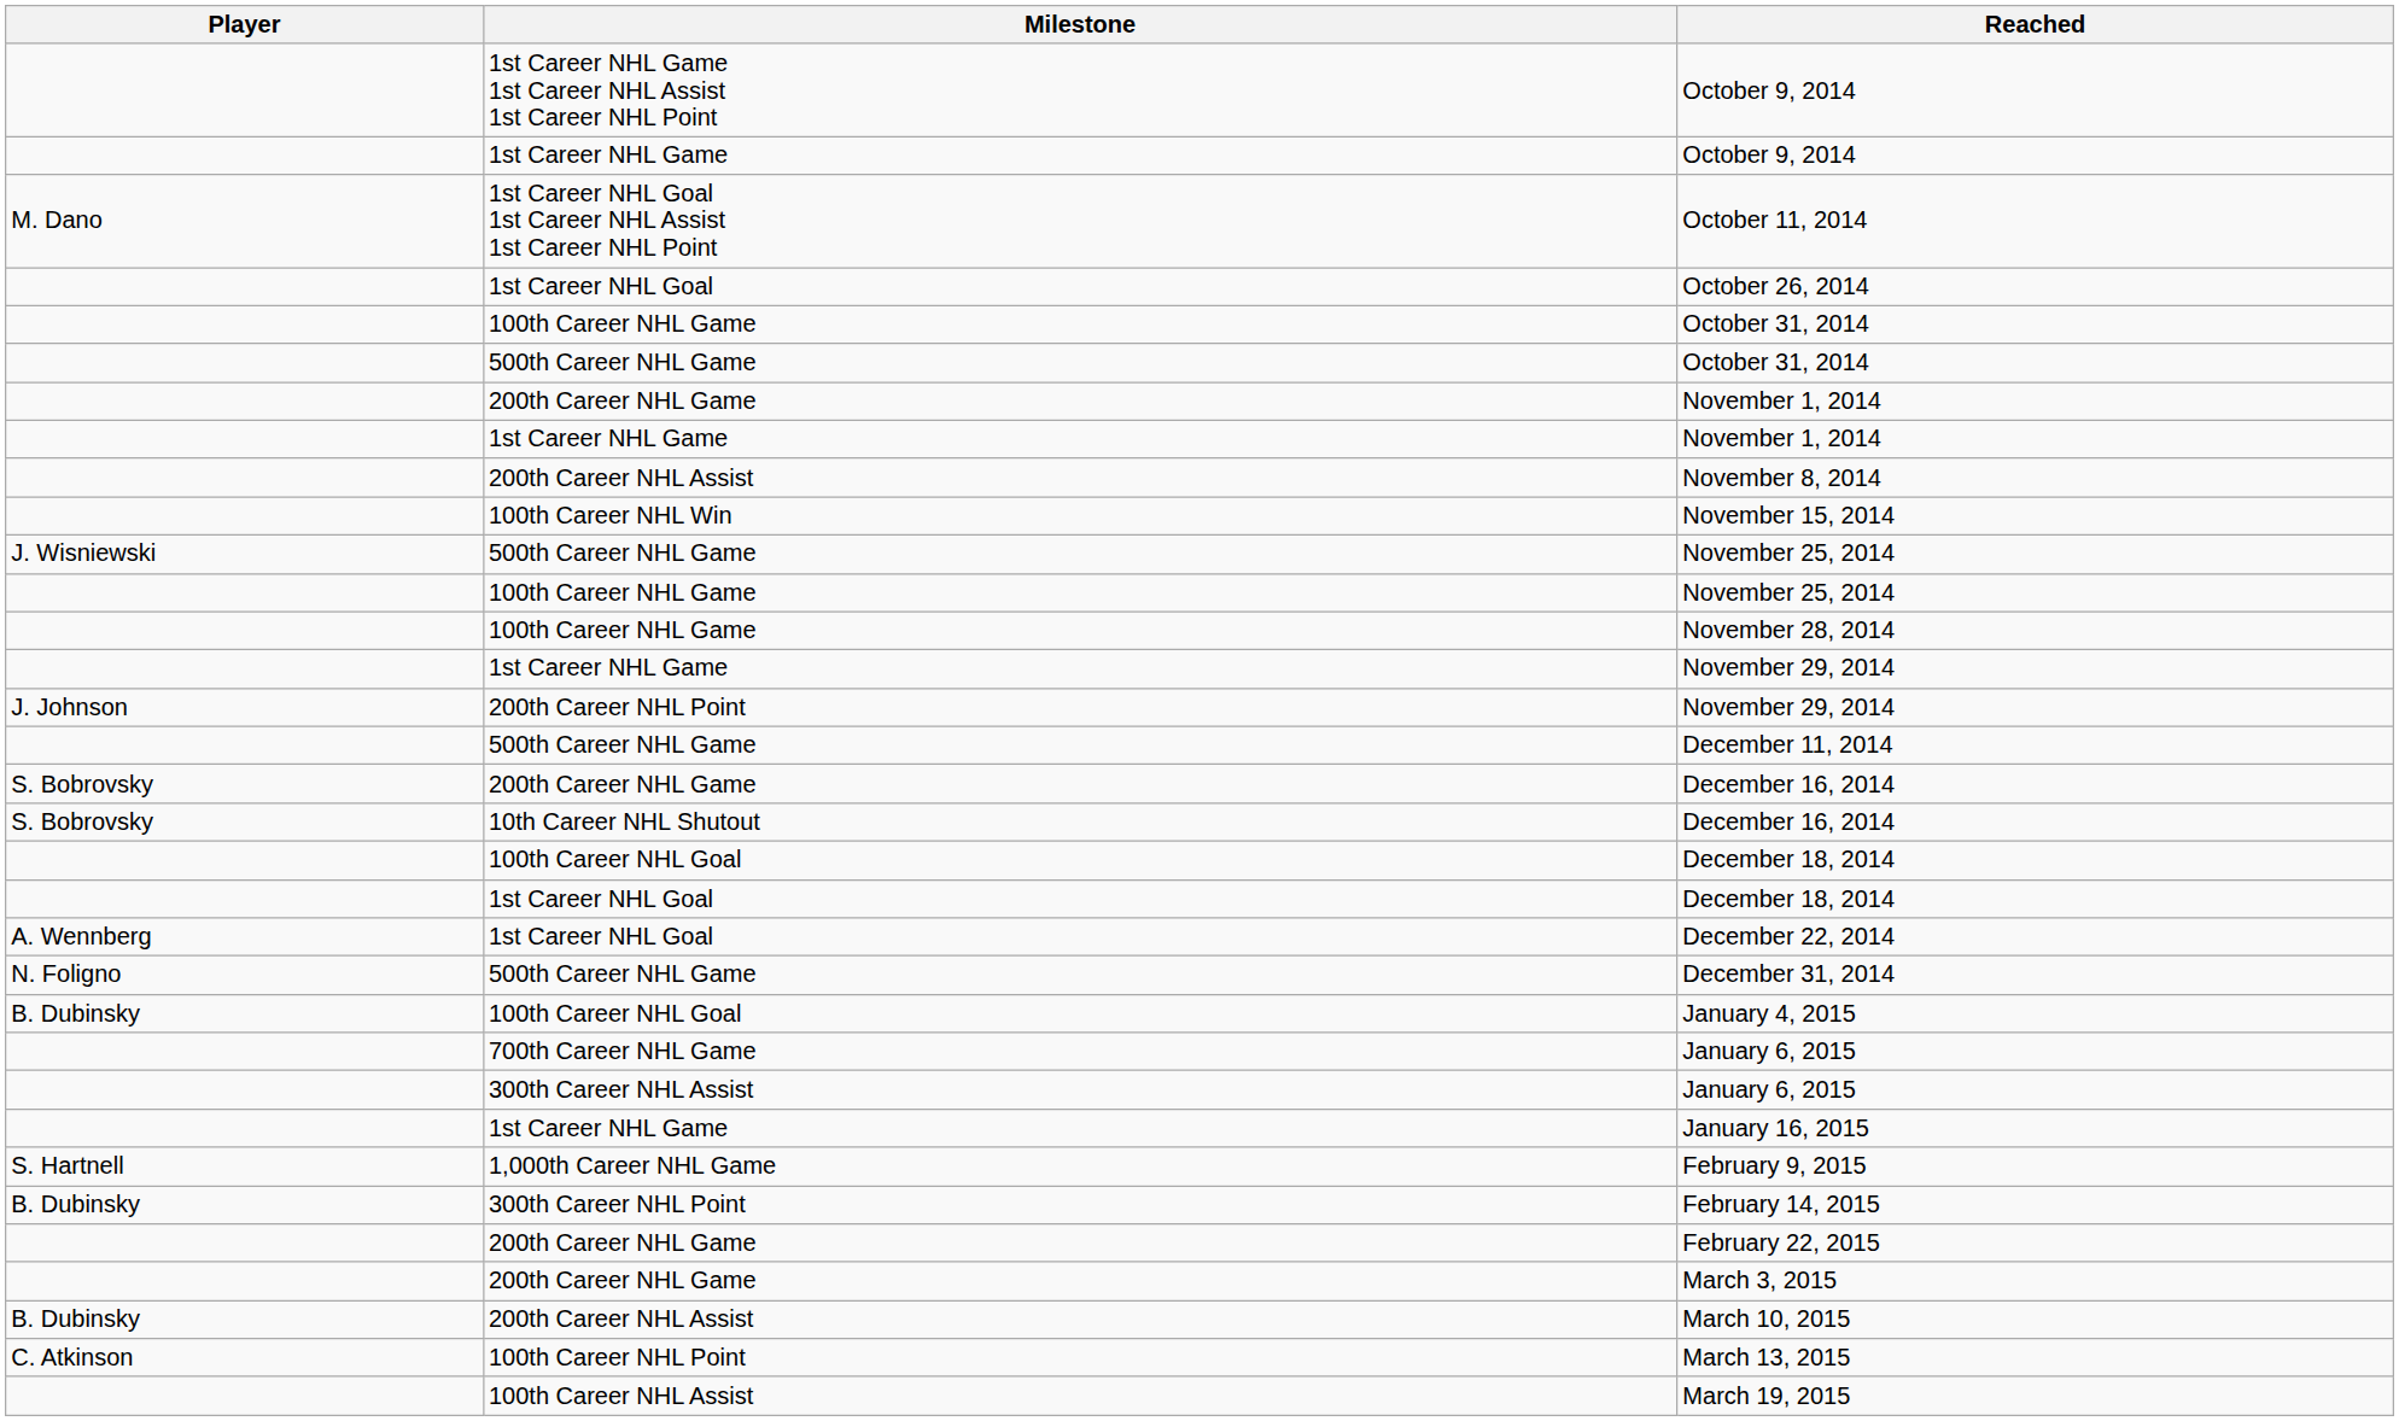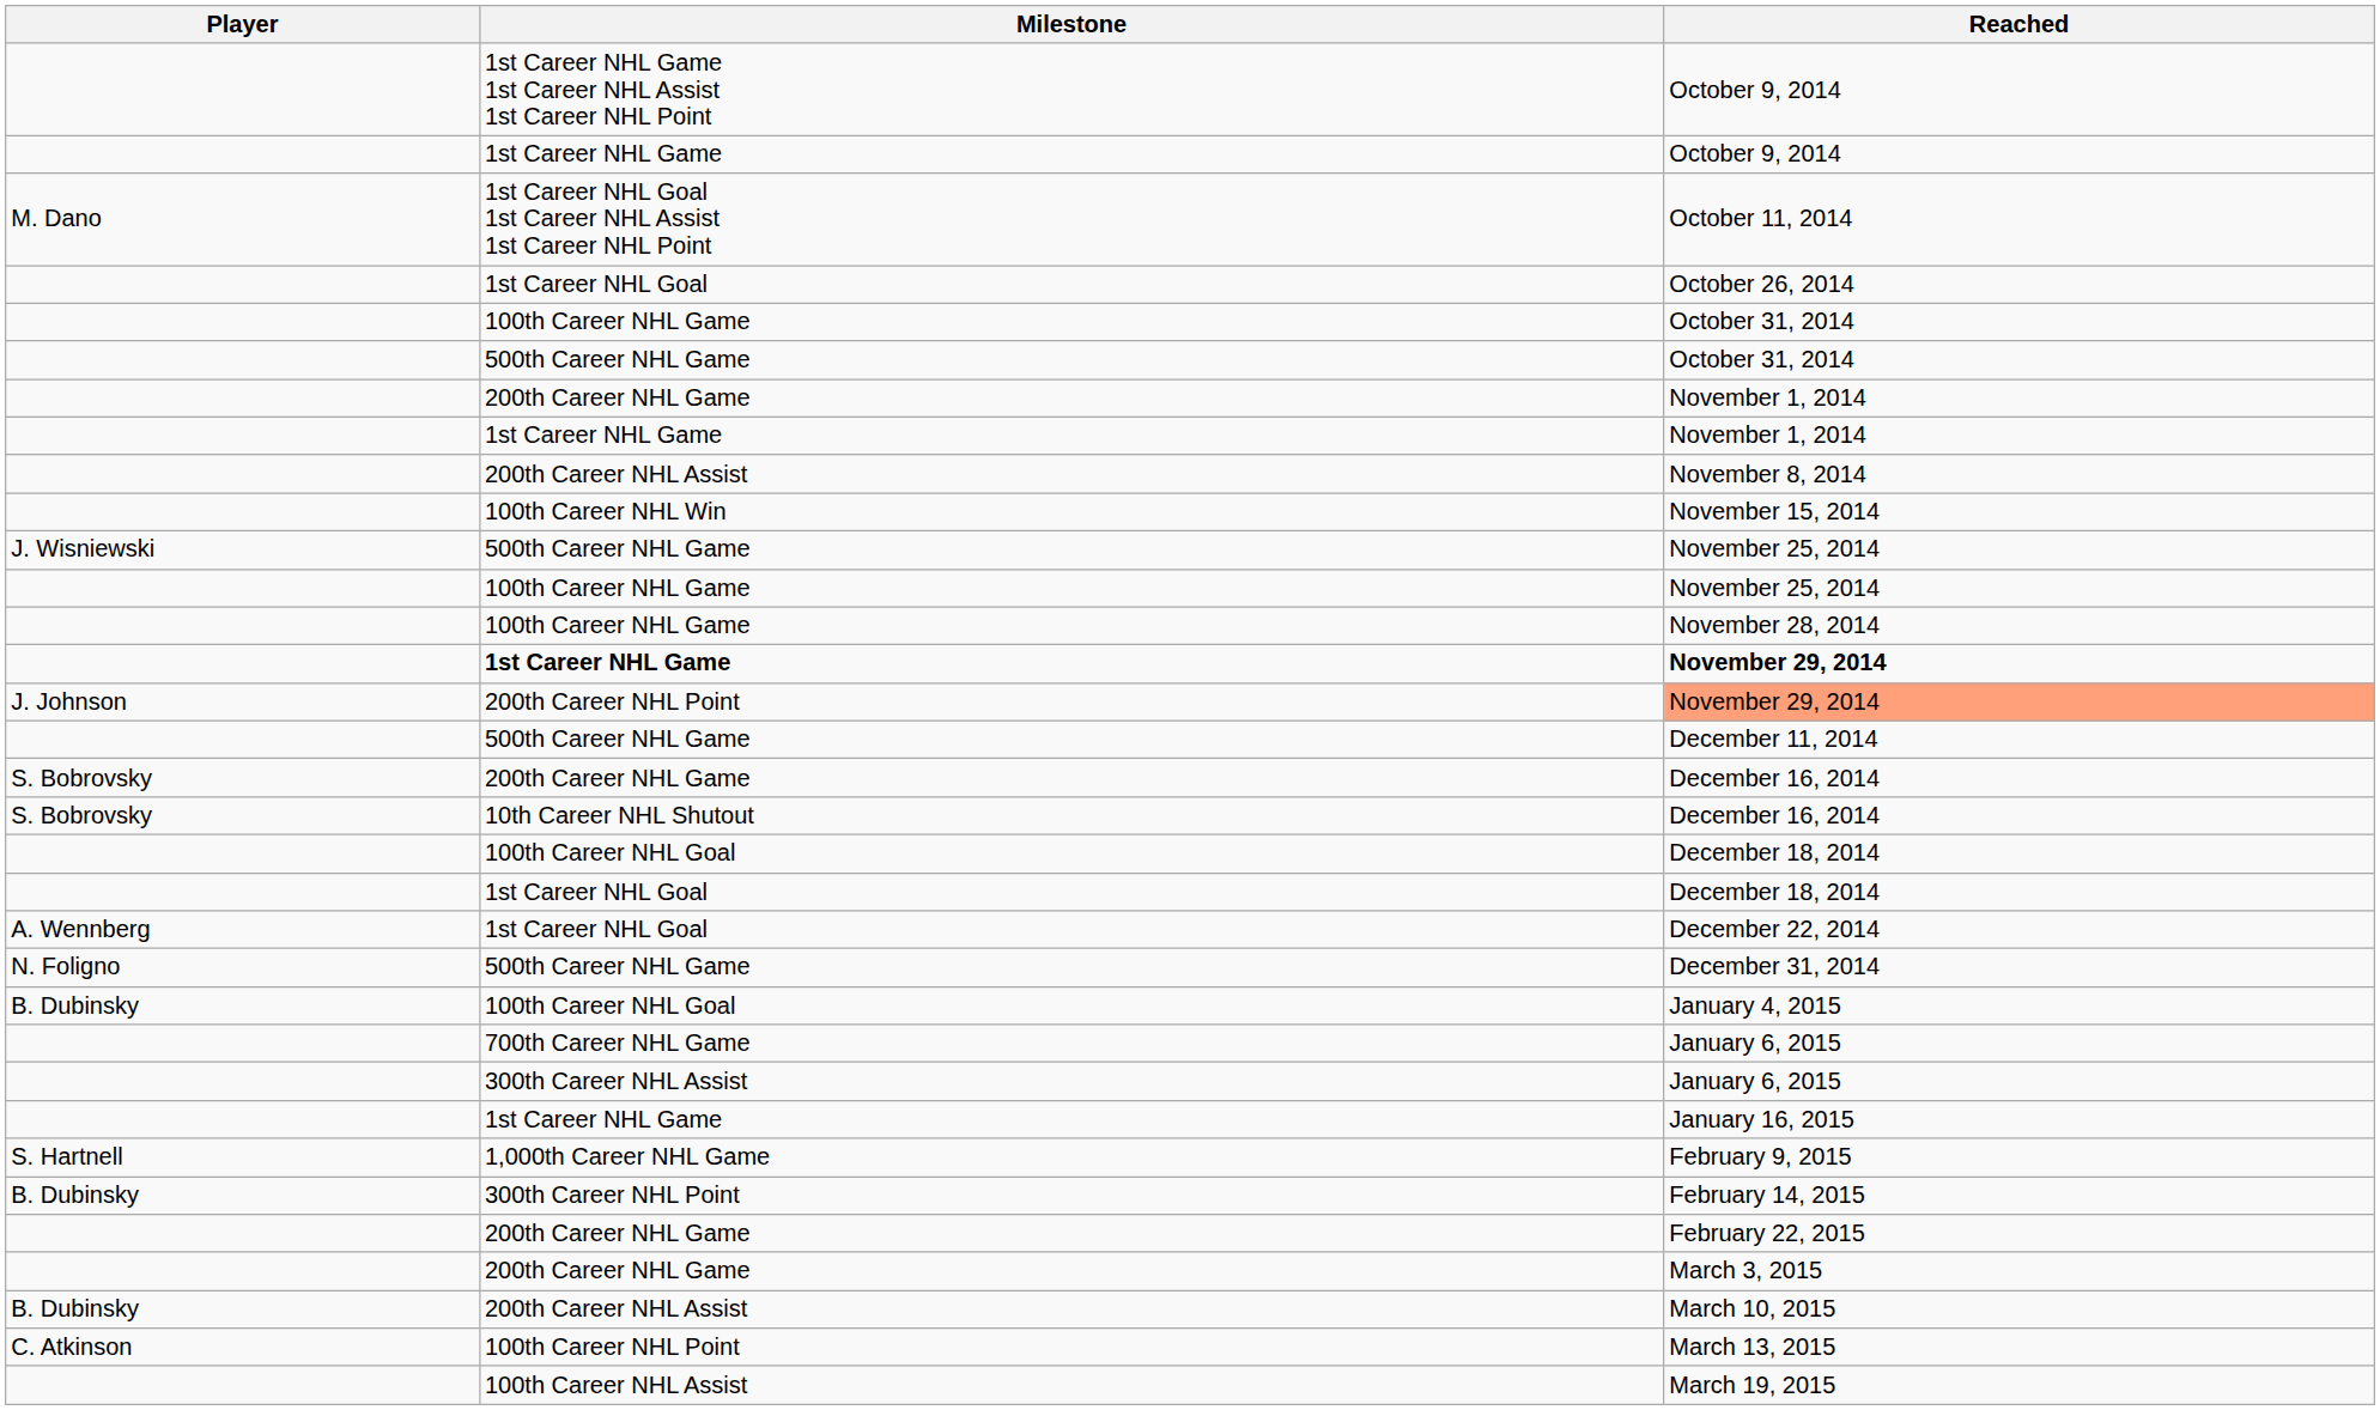 <table class="wikitable sortable" style="width:100%;">
 <tr align=center>
 <th style="width:20%;">Player</th>
 <th style="width:50%;">Milestone</th>
 <th style="width:30%;" data-sort-type="date">Reached</th>
 </tr>
 <tr>
 <td></td>
 <td>1st Career NHL Game<br>1st Career NHL Assist<br>1st Career NHL Point</td>
 <td>October 9, 2014</td>
 </tr>
 <tr>
 <td></td>
 <td>1st Career NHL Game</td>
 <td>October 9, 2014</td>
 </tr>
 <tr>
 <td>M. Dano</td>
 <td>1st Career NHL Goal<br>1st Career NHL Assist<br>1st Career NHL Point</td>
 <td>October 11, 2014</td>
 </tr>
 <tr>
 <td></td>
 <td>1st Career NHL Goal</td>
 <td>October 26, 2014</td>
 </tr>
 <tr>
 <td></td>
 <td>100th Career NHL Game</td>
 <td>October 31, 2014</td>
 </tr>
 <tr>
 <td></td>
 <td>500th Career NHL Game</td>
 <td>October 31, 2014</td>
 </tr>
 <tr>
 <td></td>
 <td>200th Career NHL Game</td>
 <td>November 1, 2014</td>
 </tr>
 <tr>
 <td></td>
 <td>1st Career NHL Game</td>
 <td>November 1, 2014</td>
 </tr>
 <tr>
 <td></td>
 <td>200th Career NHL Assist</td>
 <td>November 8, 2014</td>
 </tr>
 <tr>
 <td></td>
 <td>100th Career NHL Win</td>
 <td>November 15, 2014</td>
 </tr>
 <tr>
 <td>J. Wisniewski</td>
 <td>500th Career NHL Game</td>
 <td>November 25, 2014</td>
 </tr>
 <tr>
 <td></td>
 <td>100th Career NHL Game</td>
 <td>November 25, 2014</td>
 </tr>
 <tr>
 <td></td>
 <td>100th Career NHL Game</td>
 <td>November 28, 2014</td>
 </tr>
 <tr>
 <td></td>
-<td>1st Career NHL Game</td>
-<td>November 29, 2014</td>
+<td><strong>1st Career NHL Game</strong></td>
+<td><strong>November 29, 2014</strong></td>
 </tr>
 <tr>
 <td>J. Johnson</td>
 <td>200th Career NHL Point</td>
-<td>November 29, 2014</td>
+<td style="background: lightsalmon;">November 29, 2014</td>
 </tr>
 <tr>
 <td></td>
 <td>500th Career NHL Game</td>
 <td>December 11, 2014</td>
 </tr>
 <tr>
 <td>S. Bobrovsky</td>
 <td>200th Career NHL Game</td>
 <td>December 16, 2014</td>
 </tr>
 <tr>
 <td>S. Bobrovsky</td>
 <td>10th Career NHL Shutout</td>
 <td>December 16, 2014</td>
 </tr>
 <tr>
 <td></td>
 <td>100th Career NHL Goal</td>
 <td>December 18, 2014</td>
 </tr>
 <tr>
 <td></td>
 <td>1st Career NHL Goal</td>
 <td>December 18, 2014</td>
 </tr>
 <tr>
 <td>A. Wennberg</td>
 <td>1st Career NHL Goal</td>
 <td>December 22, 2014</td>
 </tr>
 <tr>
 <td>N. Foligno</td>
 <td>500th Career NHL Game</td>
 <td>December 31, 2014</td>
 </tr>
 <tr>
 <td>B. Dubinsky</td>
 <td>100th Career NHL Goal</td>
 <td>January 4, 2015</td>
 </tr>
 <tr>
 <td></td>
 <td>700th Career NHL Game</td>
 <td>January 6, 2015</td>
 </tr>
 <tr>
 <td></td>
 <td>300th Career NHL Assist</td>
 <td>January 6, 2015</td>
 </tr>
 <tr>
 <td></td>
 <td>1st Career NHL Game</td>
 <td>January 16, 2015</td>
 </tr>
 <tr>
 <td>S. Hartnell</td>
 <td>1,000th Career NHL Game</td>
 <td>February 9, 2015</td>
 </tr>
 <tr>
 <td>B. Dubinsky</td>
 <td>300th Career NHL Point</td>
 <td>February 14, 2015</td>
 </tr>
 <tr>
 <td></td>
 <td>200th Career NHL Game</td>
 <td>February 22, 2015</td>
 </tr>
 <tr>
 <td></td>
 <td>200th Career NHL Game</td>
 <td>March 3, 2015</td>
 </tr>
 <tr>
 <td>B. Dubinsky</td>
 <td>200th Career NHL Assist</td>
 <td>March 10, 2015</td>
 </tr>
 <tr>
 <td>C. Atkinson</td>
 <td>100th Career NHL Point</td>
 <td>March 13, 2015</td>
 </tr>
 <tr>
 <td></td>
 <td>100th Career NHL Assist</td>
 <td>March 19, 2015</td>
 </tr>
 </table>
